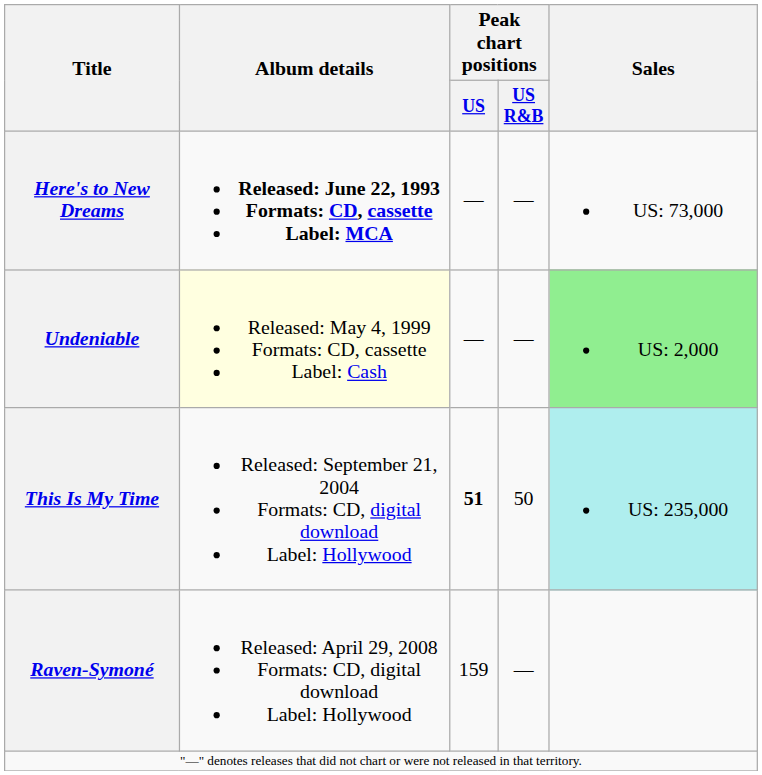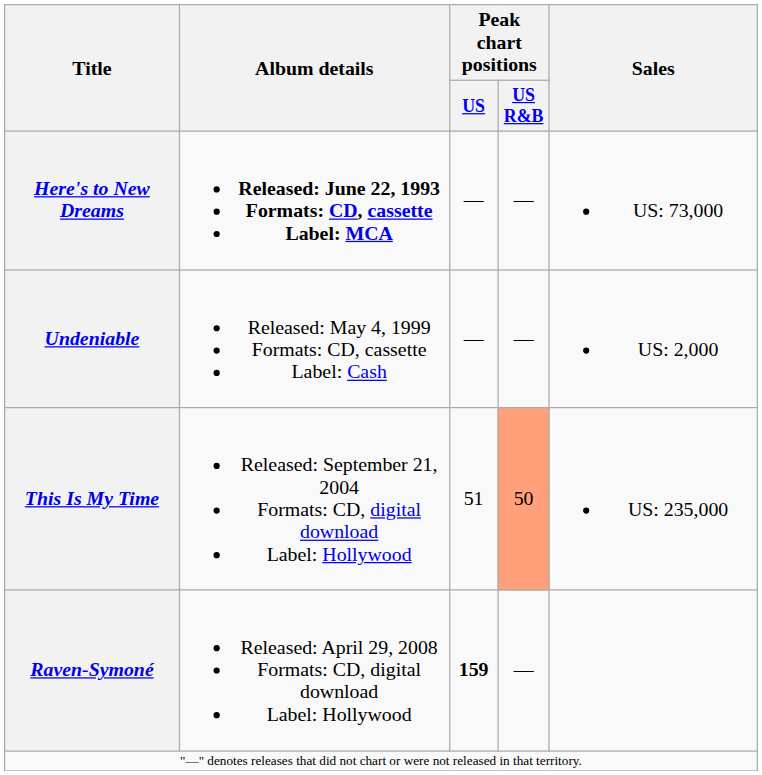 <table class="wikitable plainrowheaders" style="text-align:center;" border="1">
 <tr>
 <th scope="col" rowspan="2" style="width:10em;">Title</th>
 <th scope="col" rowspan="2" style="width:16em;">Album details</th>
 <th scope="col" colspan="2">Peak chart<br>positions</th>
 <th scope="col" rowspan="2" style="width:12em;">Sales</th>
 </tr>
 <tr>
 <th scope="col" style="width:2.5em;font-size:90%;"><a href='#'>US</a><br></th>
 <th scope="col" style="width:2.5em;font-size:90%;"><a href='#'>US<br>R&B</a><br></th>
 </tr>
 <tr>
 <th scope="row"><em><a href='#'>Here's to New Dreams</a></em></th>
 <td><strong><br><ul><li>Released: June 22, 1993</li><li>Formats: <a href='#'>CD</a>, <a href='#'>cassette</a></li><li>Label: <a href='#'>MCA</a></li></ul></strong></td>
 <td>—</td>
 <td>—</td>
 <td><br><ul><li>US: 73,000</li></ul></td>
 </tr>
 <tr>
 <th scope="row"><em><a href='#'>Undeniable</a></em></th>
-<td style="background: lightyellow;"><br><ul><li>Released: May 4, 1999</li><li>Formats: CD, cassette</li><li>Label: <a href='#'>Cash</a></li></ul></td>
+<td><br><ul><li>Released: May 4, 1999</li><li>Formats: CD, cassette</li><li>Label: <a href='#'>Cash</a></li></ul></td>
 <td>—</td>
 <td>—</td>
-<td style="background: lightgreen;"><br><ul><li>US: 2,000</li></ul></td>
+<td><br><ul><li>US: 2,000</li></ul></td>
 </tr>
 <tr>
 <th scope="row"><em><a href='#'>This Is My Time</a></em></th>
 <td><br><ul><li>Released: September 21, 2004</li><li>Formats: CD, <a href='#'>digital download</a></li><li>Label: <a href='#'>Hollywood</a></li></ul></td>
-<td><strong>51</strong></td>
-<td>50</td>
-<td style="background: paleturquoise;"><br><ul><li>US: 235,000</li></ul></td>
+<td>51</td>
+<td style="background: lightsalmon;">50</td>
+<td><br><ul><li>US: 235,000</li></ul></td>
 </tr>
 <tr>
 <th scope="row"><em><a href='#'>Raven-Symoné</a></em></th>
 <td><br><ul><li>Released: April 29, 2008</li><li>Formats: CD, digital download</li><li>Label: Hollywood</li></ul></td>
-<td>159</td>
+<td><strong>159</strong></td>
 <td>—</td>
 <td></td>
 </tr>
 <tr>
 <td align="center" colspan="15" style="font-size:8pt">"—" denotes releases that did not chart or were not released in that territory.</td>
 </tr>
 </table>
